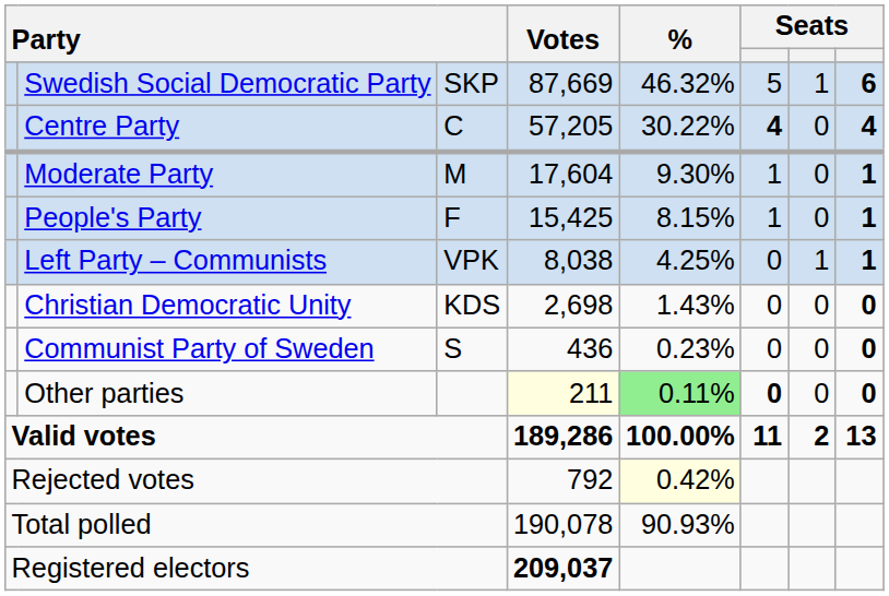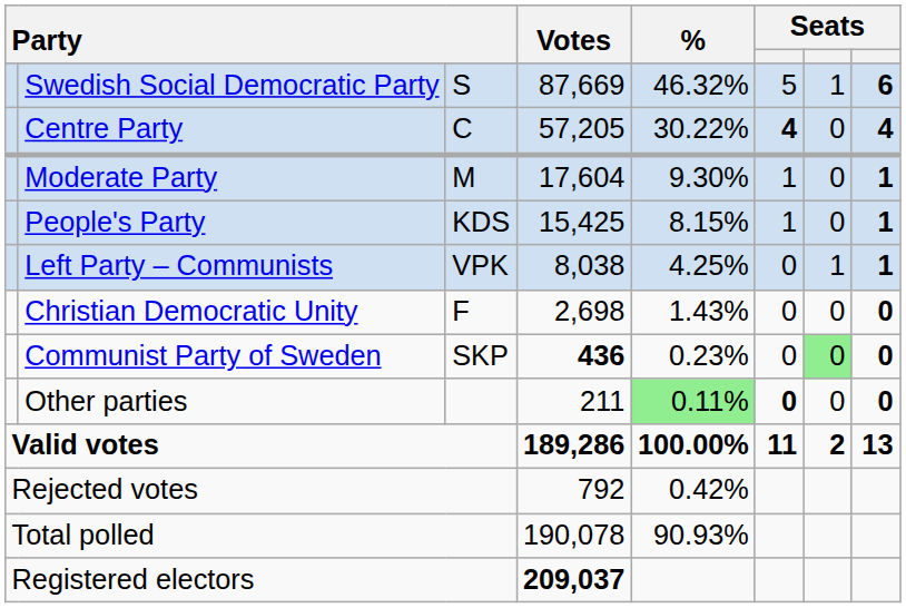 <table class="wikitable" border="1" style="text-align:right;">
 <tr>
 <th style="text-align:left;" valign=bottom rowspan=2 colspan=3>Party</th>
 <th align=center valign=bottom rowspan=2 width="50">Votes</th>
 <th align=center valign=bottom rowspan=2 width="50">%</th>
 <th colspan=3>Seats</th>
 </tr>
 <tr>
 <th align=center valign=bottom width="20"><small></small></th>
 <th align=center valign=bottom width="20"><small><a href='#'></a></small></th>
 <th align=center valign=bottom width="20"><small></small></th>
 </tr>
 <tr style="background:#CEE0F2;">
 <td></td>
 <td align=left style="white-space: nowrap;"><a href='#'>Swedish Social Democratic Party</a></td>
-<td align=left>SKP</td>
+<td align=left>S</td>
 <td>87,669</td>
 <td>46.32%</td>
 <td>5</td>
 <td>1</td>
 <td><strong>6</strong></td>
 </tr>
 <tr style="background:#CEE0F2;">
 <td></td>
 <td align=left><a href='#'>Centre Party</a></td>
 <td align=left>C</td>
 <td>57,205</td>
 <td>30.22%</td>
 <td><strong>4</strong></td>
 <td>0</td>
 <td><strong>4</strong></td>
 </tr>
 <tr style="background:#CEE0F2; border-top:3px solid darkgray;">
 <td></td>
 <td align=left><a href='#'>Moderate Party</a></td>
 <td align=left>M</td>
 <td>17,604</td>
 <td>9.30%</td>
 <td>1</td>
 <td>0</td>
 <td><strong>1</strong></td>
 </tr>
 <tr style="background:#CEE0F2;">
 <td></td>
 <td align=left><a href='#'>People's Party</a></td>
-<td align=left>F</td>
+<td align=left>KDS</td>
 <td>15,425</td>
 <td>8.15%</td>
 <td>1</td>
 <td>0</td>
 <td><strong>1</strong></td>
 </tr>
 <tr style="background:#CEE0F2;">
 <td></td>
 <td align=left><a href='#'>Left Party – Communists</a></td>
 <td align=left>VPK</td>
 <td>8,038</td>
 <td>4.25%</td>
 <td>0</td>
 <td>1</td>
 <td><strong>1</strong></td>
 </tr>
 <tr>
 <td></td>
 <td align=left><a href='#'>Christian Democratic Unity</a></td>
-<td align=left>KDS</td>
+<td align=left>F</td>
 <td>2,698</td>
 <td>1.43%</td>
 <td>0</td>
 <td>0</td>
 <td><strong>0</strong></td>
 </tr>
 <tr>
 <td></td>
 <td align=left><a href='#'>Communist Party of Sweden</a></td>
-<td align=left>S</td>
-<td>436</td>
+<td align=left>SKP</td>
+<td><strong>436</strong></td>
 <td>0.23%</td>
 <td>0</td>
-<td>0</td>
+<td style="background: lightgreen;">0</td>
 <td><strong>0</strong></td>
 </tr>
 <tr>
 <td></td>
 <td align=left>Other parties</td>
 <td></td>
-<td style="background: lightyellow;">211</td>
+<td>211</td>
 <td style="background: lightgreen;">0.11%</td>
 <td><strong>0</strong></td>
 <td>0</td>
 <td><strong>0</strong></td>
 </tr>
 <tr style="font-weight:bold">
 <td align=left colspan=3>Valid votes</td>
 <td>189,286</td>
 <td>100.00%</td>
 <td>11</td>
 <td>2</td>
 <td>13</td>
 </tr>
 <tr>
 <td align=left colspan=3>Rejected votes</td>
 <td>792</td>
-<td style="background: lightyellow;">0.42%</td>
+<td>0.42%</td>
 <td></td>
 <td></td>
 <td></td>
 </tr>
 <tr>
 <td align=left colspan=3>Total polled</td>
 <td>190,078</td>
 <td>90.93%</td>
 <td></td>
 <td></td>
 <td></td>
 </tr>
 <tr>
 <td align=left colspan=3>Registered electors</td>
 <td><strong>209,037</strong></td>
 <td></td>
 <td></td>
 <td></td>
 <td></td>
 </tr>
 </table>
